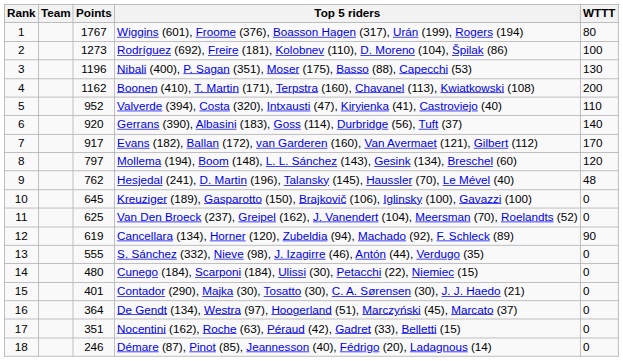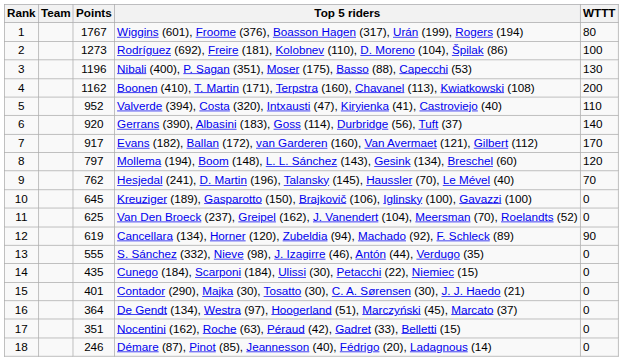 <table class="wikitable">
 <tr style="background:#ccf;">
 <th>Rank</th>
 <th>Team</th>
 <th>Points</th>
 <th>Top 5 riders</th>
 <th>WTTT</th>
 </tr>
 <tr>
 <td align=center>1</td>
 <td></td>
 <td align=center>1767</td>
 <td><a href='#'>Wiggins</a> (601), <a href='#'>Froome</a> (376), <a href='#'>Boasson Hagen</a> (317), <a href='#'>Urán</a> (199), <a href='#'>Rogers</a> (194)</td>
 <td>80</td>
 </tr>
 <tr>
 <td align=center>2</td>
 <td></td>
 <td align=center>1273</td>
 <td><a href='#'>Rodríguez</a> (692), <a href='#'>Freire</a> (181), <a href='#'>Kolobnev</a> (110), <a href='#'>D. Moreno</a> (104), <a href='#'>Špilak</a> (86)</td>
 <td>100</td>
 </tr>
 <tr>
 <td align=center>3</td>
 <td></td>
 <td align=center>1196</td>
 <td><a href='#'>Nibali</a> (400), <a href='#'>P. Sagan</a> (351), <a href='#'>Moser</a> (175), <a href='#'>Basso</a> (88), <a href='#'>Capecchi</a> (53)</td>
 <td>130</td>
 </tr>
 <tr>
 <td align=center>4</td>
 <td></td>
 <td align=center>1162</td>
 <td><a href='#'>Boonen</a> (410), <a href='#'>T. Martin</a> (171), <a href='#'>Terpstra</a> (160), <a href='#'>Chavanel</a> (113), <a href='#'>Kwiatkowski</a> (108)</td>
 <td>200</td>
 </tr>
 <tr>
 <td align=center>5</td>
 <td></td>
 <td align=center>952</td>
 <td><a href='#'>Valverde</a> (394), <a href='#'>Costa</a> (320), <a href='#'>Intxausti</a> (47), <a href='#'>Kiryienka</a> (41), <a href='#'>Castroviejo</a> (40)</td>
 <td>110</td>
 </tr>
 <tr>
 <td align=center>6</td>
 <td></td>
 <td align=center>920</td>
 <td><a href='#'>Gerrans</a> (390), <a href='#'>Albasini</a> (183), <a href='#'>Goss</a> (114), <a href='#'>Durbridge</a> (56),  <a href='#'>Tuft</a> (37)</td>
 <td>140</td>
 </tr>
 <tr>
 <td align=center>7</td>
 <td></td>
 <td align=center>917</td>
 <td><a href='#'>Evans</a> (182), <a href='#'>Ballan</a> (172), <a href='#'>van Garderen</a> (160), <a href='#'>Van Avermaet</a> (121), <a href='#'>Gilbert</a> (112)</td>
 <td>170</td>
 </tr>
 <tr>
 <td align=center>8</td>
 <td></td>
 <td align=center>797</td>
 <td><a href='#'>Mollema</a> (194), <a href='#'>Boom</a> (148), <a href='#'>L. L. Sánchez</a> (143), <a href='#'>Gesink</a> (134), <a href='#'>Breschel</a> (60)</td>
 <td>120</td>
 </tr>
 <tr>
 <td align=center>9</td>
 <td></td>
 <td align=center>762</td>
 <td><a href='#'>Hesjedal</a> (241), <a href='#'>D. Martin</a> (196), <a href='#'>Talansky</a> (145), <a href='#'>Haussler</a> (70), <a href='#'>Le Mével</a> (40)</td>
-<td>48</td>
+<td>70</td>
 </tr>
 <tr>
 <td align=center>10</td>
 <td></td>
 <td align=center>645</td>
 <td><a href='#'>Kreuziger</a> (189), <a href='#'>Gasparotto</a> (150), <a href='#'>Brajkovič</a> (106), <a href='#'>Iglinsky</a> (100), <a href='#'>Gavazzi</a> (100)</td>
 <td>0</td>
 </tr>
 <tr>
 <td align=center>11</td>
 <td></td>
 <td align=center>625</td>
 <td><a href='#'>Van Den Broeck</a> (237), <a href='#'>Greipel</a> (162), <a href='#'>J. Vanendert</a> (104), <a href='#'>Meersman</a> (70), <a href='#'>Roelandts</a> (52)</td>
 <td>0</td>
 </tr>
 <tr>
 <td align=center>12</td>
 <td></td>
 <td align=center>619</td>
 <td><a href='#'>Cancellara</a> (134), <a href='#'>Horner</a> (120), <a href='#'>Zubeldia</a> (94), <a href='#'>Machado</a> (92),  <a href='#'>F. Schleck</a> (89)</td>
 <td>90</td>
 </tr>
 <tr>
 <td align=center>13</td>
 <td></td>
 <td align=center>555</td>
 <td><a href='#'>S. Sánchez</a> (332), <a href='#'>Nieve</a> (98), <a href='#'>J. Izagirre</a> (46), <a href='#'>Antón</a> (44), <a href='#'>Verdugo</a> (35)</td>
 <td>0</td>
 </tr>
 <tr>
 <td align=center>14</td>
 <td></td>
-<td align=center>480</td>
+<td align=center>435</td>
 <td><a href='#'>Cunego</a> (184), <a href='#'>Scarponi</a> (184), <a href='#'>Ulissi</a> (30), <a href='#'>Petacchi</a> (22), <a href='#'>Niemiec</a> (15)</td>
 <td>0</td>
 </tr>
 <tr>
 <td align=center>15</td>
 <td></td>
 <td align=center>401</td>
 <td><a href='#'>Contador</a> (290), <a href='#'>Majka</a> (30), <a href='#'>Tosatto</a> (30), <a href='#'>C. A. Sørensen</a> (30), <a href='#'>J. J. Haedo</a> (21)</td>
 <td>0</td>
 </tr>
 <tr>
 <td align=center>16</td>
 <td></td>
 <td align=center>364</td>
 <td><a href='#'>De Gendt</a> (134), <a href='#'>Westra</a> (97), <a href='#'>Hoogerland</a> (51), <a href='#'>Marczyński</a> (45), <a href='#'>Marcato</a> (37)</td>
 <td>0</td>
 </tr>
 <tr>
 <td align=center>17</td>
 <td></td>
 <td align=center>351</td>
 <td><a href='#'>Nocentini</a> (162), <a href='#'>Roche</a> (63), <a href='#'>Péraud</a> (42), <a href='#'>Gadret</a> (33),  <a href='#'>Belletti</a> (15)</td>
 <td>0</td>
 </tr>
 <tr>
 <td align=center>18</td>
 <td></td>
 <td align=center>246</td>
 <td><a href='#'>Démare</a> (87), <a href='#'>Pinot</a> (85), <a href='#'>Jeannesson</a> (40), <a href='#'>Fédrigo</a> (20), <a href='#'>Ladagnous</a> (14)</td>
 <td>0</td>
 </tr>
 </table>
